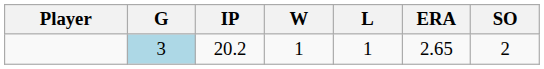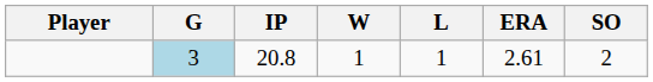 <table class="wikitable sortable">
 <tr>
 <th bgcolor="#DDDDFF" width="16%">Player</th>
 <th bgcolor="#DDDDFF" width="9%">G</th>
 <th bgcolor="#DDDDFF" width="9%">IP</th>
 <th bgcolor="#DDDDFF" width="9%">W</th>
 <th bgcolor="#DDDDFF" width="9%">L</th>
 <th bgcolor="#DDDDFF" width="9%">ERA</th>
 <th bgcolor="#DDDDFF" width="9%">SO</th>
 </tr>
 <tr align="center">
 <td></td>
 <td style="background: lightblue;">3</td>
-<td>20.2</td>
+<td>20.8</td>
 <td>1</td>
 <td>1</td>
-<td>2.65</td>
+<td>2.61</td>
 <td>2</td>
 </tr>
 </table>
